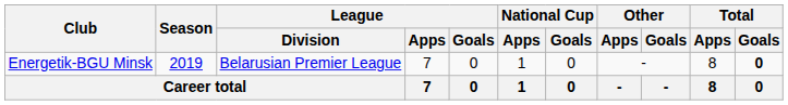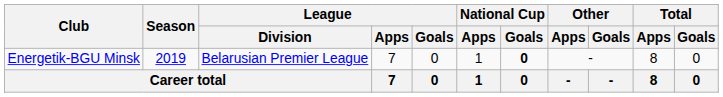 <table class="wikitable" style="text-align: center">
 <tr>
 <th rowspan="2">Club</th>
 <th rowspan="2">Season</th>
 <th colspan="3">League</th>
 <th colspan="2">National Cup</th>
 <th colspan="2">Other</th>
 <th colspan="2">Total</th>
 </tr>
 <tr>
 <th>Division</th>
 <th>Apps</th>
 <th>Goals</th>
 <th>Apps</th>
 <th>Goals</th>
 <th>Apps</th>
 <th>Goals</th>
 <th>Apps</th>
 <th>Goals</th>
 </tr>
 <tr>
 <td><a href='#'>Energetik-BGU Minsk</a></td>
 <td><a href='#'>2019</a></td>
 <td><a href='#'>Belarusian Premier League</a></td>
 <td>7</td>
 <td>0</td>
 <td>1</td>
-<td>0</td>
+<td><strong>0</strong></td>
 <td colspan="2">-</td>
 <td>8</td>
-<td><strong>0</strong></td>
+<td>0</td>
 </tr>
 <tr>
 <th colspan=3>Career total</th>
 <th>7</th>
 <th>0</th>
 <th>1</th>
 <th>0</th>
 <th>-</th>
 <th>-</th>
 <th>8</th>
 <th>0</th>
 </tr>
 </table>
